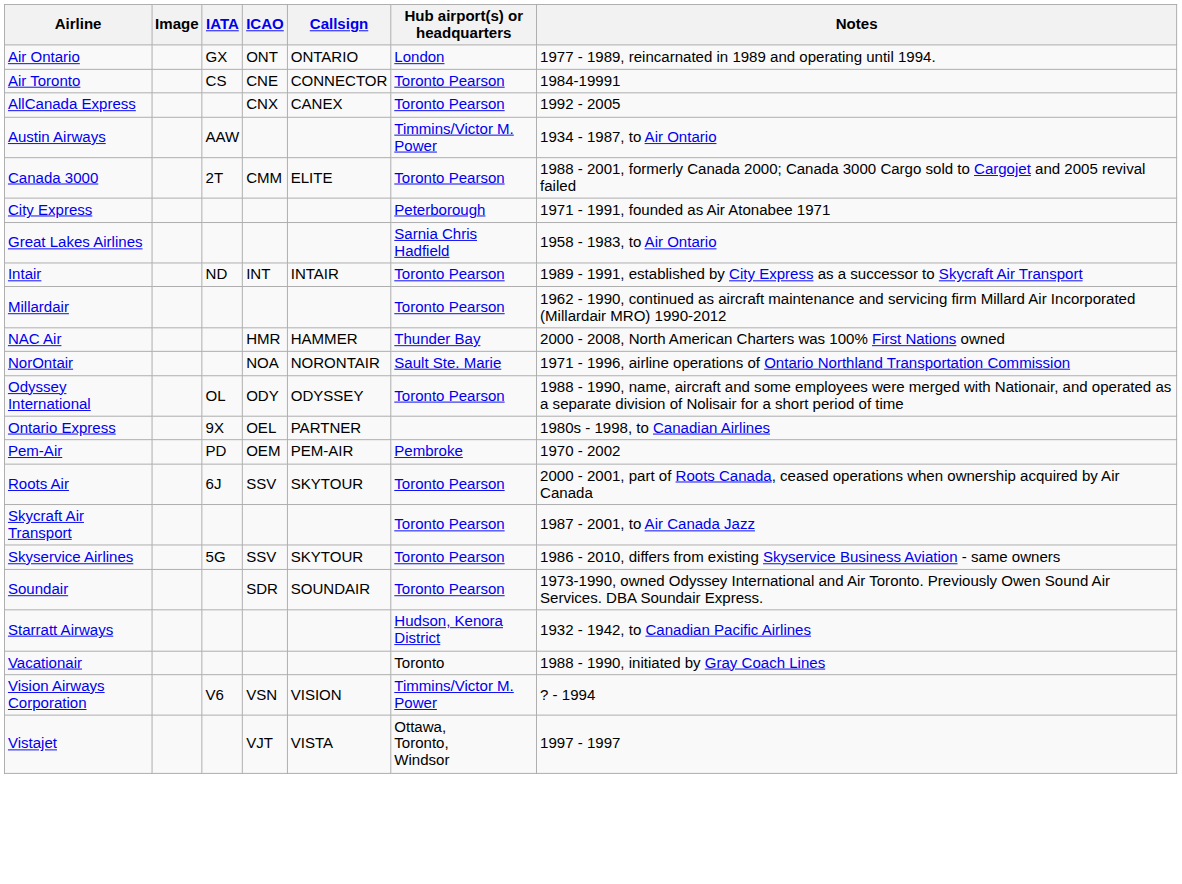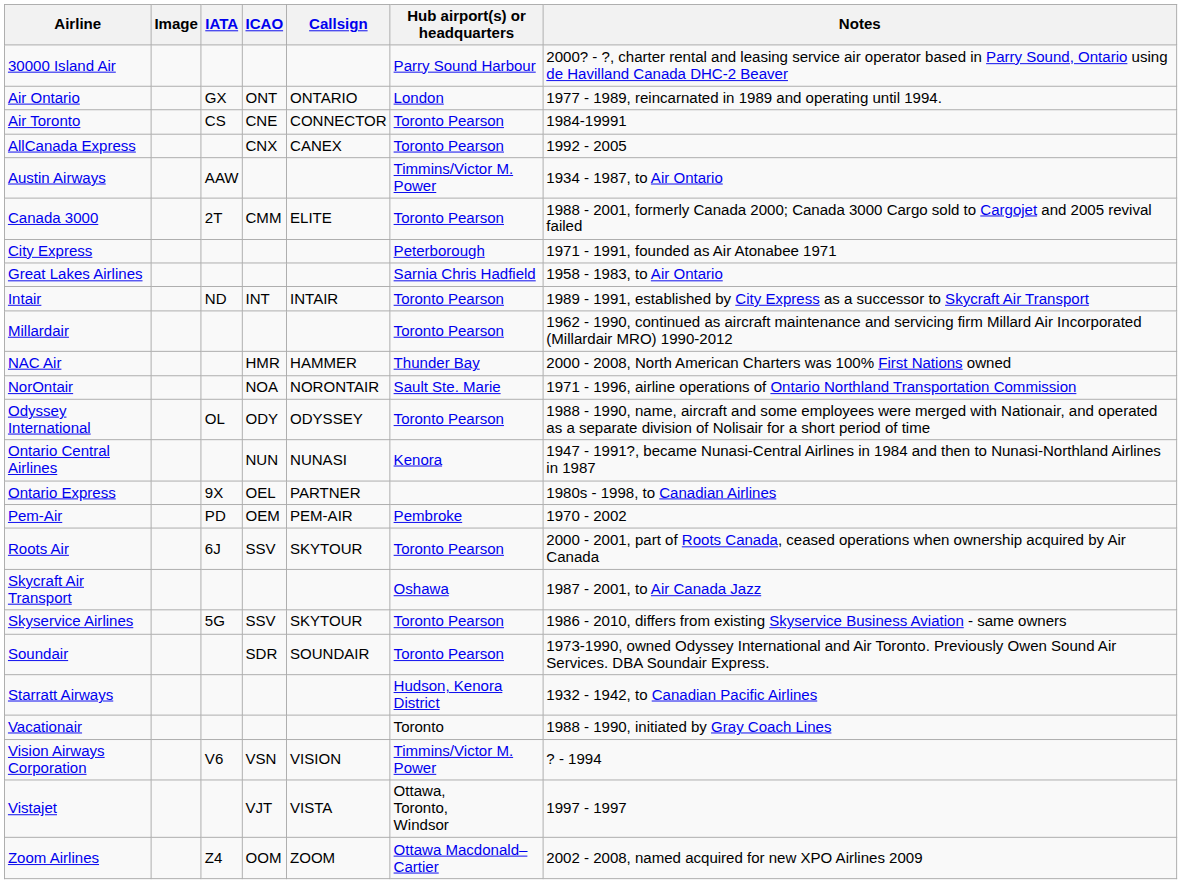 <table class="wikitable sortable" style="border: 0; cellpadding: 2; cellspacing: 3;">
 <tr style="vertical-align:middle;">
 <th>Airline</th>
 <th>Image</th>
 <th><a href='#'>IATA</a></th>
 <th><a href='#'>ICAO</a></th>
 <th><a href='#'>Callsign</a></th>
 <th>Hub airport(s) or<br>headquarters</th>
 <th class="unsortable">Notes</th>
+</tr>
+<tr>
+<td><div></div><a href='#'>30000 Island Air</a></td>
+<td></td>
+<td></td>
+<td></td>
+<td></td>
+<td><a href='#'>Parry Sound Harbour</a></td>
+<td>2000? - ?, charter rental and leasing service air operator based in <a href='#'>Parry Sound, Ontario</a> using <a href='#'>de Havilland Canada DHC-2 Beaver</a></td>
 </tr>
 <tr>
 <td><a href='#'>Air Ontario</a></td>
 <td></td>
 <td>GX</td>
 <td>ONT</td>
 <td>ONTARIO</td>
 <td><a href='#'>London</a></td>
 <td>1977 - 1989, reincarnated in 1989 and operating until 1994.</td>
 </tr>
 <tr>
 <td><a href='#'>Air Toronto</a></td>
 <td></td>
 <td>CS</td>
 <td>CNE</td>
 <td>CONNECTOR</td>
 <td><a href='#'>Toronto Pearson</a></td>
 <td>1984-19991</td>
 </tr>
 <tr>
 <td><a href='#'>AllCanada Express</a></td>
 <td></td>
 <td></td>
 <td>CNX</td>
 <td>CANEX</td>
 <td><a href='#'>Toronto Pearson</a></td>
 <td>1992 - 2005</td>
 </tr>
 <tr>
 <td><a href='#'>Austin Airways</a></td>
 <td></td>
 <td>AAW</td>
 <td></td>
 <td></td>
 <td><a href='#'>Timmins/Victor M. Power</a></td>
 <td>1934 - 1987, to <a href='#'>Air Ontario</a></td>
 </tr>
 <tr>
 <td><a href='#'>Canada 3000</a></td>
 <td></td>
 <td>2T</td>
 <td>CMM</td>
 <td>ELITE</td>
 <td><a href='#'>Toronto Pearson</a></td>
 <td>1988 - 2001, formerly Canada 2000; Canada 3000 Cargo sold to <a href='#'>Cargojet</a> and 2005 revival failed</td>
 </tr>
 <tr>
 <td><a href='#'>City Express</a></td>
 <td></td>
 <td></td>
 <td></td>
 <td></td>
 <td><a href='#'>Peterborough</a></td>
 <td>1971 - 1991, founded as Air Atonabee 1971</td>
 </tr>
 <tr>
 <td><a href='#'>Great Lakes Airlines</a></td>
 <td></td>
 <td></td>
 <td></td>
 <td></td>
 <td><a href='#'>Sarnia Chris Hadfield</a></td>
 <td>1958 - 1983, to <a href='#'>Air Ontario</a></td>
 </tr>
 <tr>
 <td><a href='#'>Intair</a></td>
 <td></td>
 <td>ND</td>
 <td>INT</td>
 <td>INTAIR</td>
 <td><a href='#'>Toronto Pearson</a></td>
 <td>1989 - 1991, established by <a href='#'>City Express</a> as a successor to <a href='#'>Skycraft Air Transport</a></td>
 </tr>
 <tr>
 <td><a href='#'>Millardair</a></td>
 <td></td>
 <td></td>
 <td></td>
 <td></td>
 <td><a href='#'>Toronto Pearson</a></td>
 <td>1962 - 1990, continued as aircraft maintenance and servicing firm Millard Air Incorporated (Millardair MRO) 1990-2012</td>
 </tr>
 <tr>
 <td><a href='#'>NAC Air</a></td>
 <td></td>
 <td></td>
 <td>HMR</td>
 <td>HAMMER</td>
 <td><a href='#'>Thunder Bay</a></td>
 <td>2000 - 2008, North American Charters was 100% <a href='#'>First Nations</a> owned</td>
 </tr>
 <tr>
 <td><a href='#'>NorOntair</a></td>
 <td></td>
 <td></td>
 <td>NOA</td>
 <td>NORONTAIR</td>
 <td><a href='#'>Sault Ste. Marie</a></td>
 <td>1971 - 1996, airline operations of <a href='#'>Ontario Northland Transportation Commission</a></td>
 </tr>
 <tr>
 <td><a href='#'>Odyssey International</a></td>
 <td></td>
 <td>OL</td>
 <td>ODY</td>
 <td>ODYSSEY</td>
 <td><a href='#'>Toronto Pearson</a></td>
 <td>1988 - 1990, name, aircraft and some employees were merged with Nationair, and operated as a separate division of Nolisair for a short period of time</td>
 </tr>
 <tr>
+<td><a href='#'>Ontario Central Airlines</a></td>
+<td></td>
+<td></td>
+<td>NUN</td>
+<td>NUNASI</td>
+<td><a href='#'>Kenora</a></td>
+<td>1947 - 1991?, became Nunasi-Central Airlines in 1984 and then to Nunasi-Northland Airlines in 1987</td>
+</tr>
+<tr>
 <td><a href='#'>Ontario Express</a></td>
 <td></td>
 <td>9X</td>
 <td>OEL</td>
 <td>PARTNER</td>
 <td></td>
 <td>1980s - 1998, to <a href='#'>Canadian Airlines</a></td>
 </tr>
 <tr>
 <td><a href='#'>Pem-Air</a></td>
 <td></td>
 <td>PD</td>
 <td>OEM</td>
 <td>PEM-AIR</td>
 <td><a href='#'>Pembroke</a></td>
 <td>1970 - 2002</td>
 </tr>
 <tr>
 <td><a href='#'>Roots Air</a></td>
 <td></td>
 <td>6J</td>
 <td>SSV</td>
 <td>SKYTOUR</td>
 <td><a href='#'>Toronto Pearson</a></td>
 <td>2000 - 2001, part of <a href='#'>Roots Canada</a>, ceased operations when ownership acquired by Air Canada</td>
 </tr>
 <tr>
 <td><a href='#'>Skycraft Air Transport</a></td>
 <td></td>
 <td></td>
 <td></td>
 <td></td>
-<td><a href='#'>Toronto Pearson</a></td>
+<td><a href='#'>Oshawa</a></td>
 <td>1987 - 2001, to <a href='#'>Air Canada Jazz</a></td>
 </tr>
 <tr>
 <td><a href='#'>Skyservice Airlines</a></td>
 <td></td>
 <td>5G</td>
 <td>SSV</td>
 <td>SKYTOUR</td>
 <td><a href='#'>Toronto Pearson</a></td>
 <td>1986 - 2010, differs from existing <a href='#'>Skyservice Business Aviation</a> - same owners</td>
 </tr>
 <tr>
 <td><a href='#'>Soundair</a></td>
 <td></td>
 <td></td>
 <td>SDR</td>
 <td>SOUNDAIR</td>
 <td><a href='#'>Toronto Pearson</a></td>
 <td>1973-1990, owned Odyssey International and Air Toronto. Previously Owen Sound Air Services. DBA Soundair Express.</td>
 </tr>
 <tr>
 <td><a href='#'>Starratt Airways</a></td>
 <td></td>
 <td></td>
 <td></td>
 <td></td>
 <td><a href='#'>Hudson, Kenora District</a></td>
 <td>1932 - 1942, to <a href='#'>Canadian Pacific Airlines</a></td>
 </tr>
 <tr>
 <td><a href='#'>Vacationair</a></td>
 <td></td>
 <td></td>
 <td></td>
 <td></td>
 <td>Toronto</td>
 <td>1988 - 1990, initiated by <a href='#'>Gray Coach Lines</a></td>
 </tr>
 <tr>
 <td><a href='#'>Vision Airways Corporation</a></td>
 <td></td>
 <td>V6</td>
 <td>VSN</td>
 <td>VISION</td>
 <td><a href='#'>Timmins/Victor M. Power</a></td>
 <td>? - 1994</td>
 </tr>
 <tr>
 <td><a href='#'>Vistajet</a></td>
 <td></td>
 <td></td>
 <td>VJT</td>
 <td>VISTA</td>
 <td>Ottawa,<br>Toronto,<br>Windsor</td>
 <td>1997 - 1997</td>
 </tr>
+<tr>
+<td><a href='#'>Zoom Airlines</a></td>
+<td></td>
+<td>Z4</td>
+<td>OOM</td>
+<td>ZOOM</td>
+<td><a href='#'>Ottawa Macdonald–Cartier</a></td>
+<td>2002 - 2008, named acquired for new XPO Airlines 2009</td>
+</tr>
 </table>
